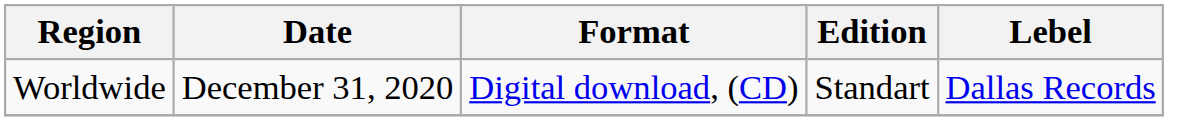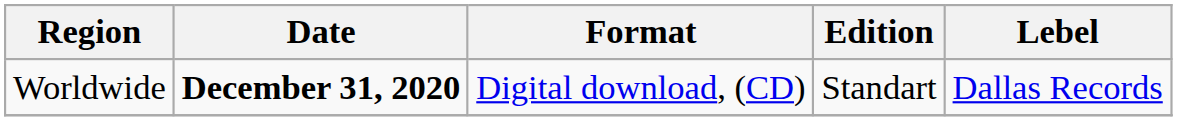 <table class="wikitable sortable plainrowheaders">
 <tr>
 <th scope="col">Region</th>
 <th scope="col">Date</th>
 <th scope="col">Format</th>
 <th scope="col">Edition</th>
 <th scope="col">Lebel</th>
 </tr>
 <tr>
 <td>Worldwide</td>
-<td>December 31, 2020</td>
+<td><strong>December 31, 2020</strong></td>
 <td><a href='#'>Digital download</a>, (<a href='#'>CD</a>)</td>
 <td>Standart</td>
 <td><a href='#'>Dallas Records</a></td>
 </tr>
 <tr>
 </tr>
 </table>
